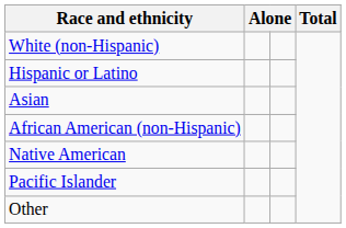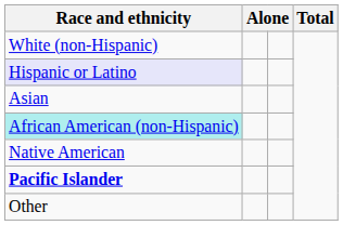 <table class="wikitable sortable collapsible"; text-align:right; font-size:80%;">
 <tr>
 <th>Race and ethnicity</th>
 <th colspan="2" data-sort-type=number>Alone</th>
 <th colspan="2" data-sort-type=number>Total</th>
 </tr>
 <tr>
 <td><a href='#'>White (non-Hispanic)</a></td>
 <td align=right></td>
 <td align=right></td>
 </tr>
 <tr>
-<td><a href='#'>Hispanic or Latino</a></td>
+<td style="background: lavender;"><a href='#'>Hispanic or Latino</a></td>
 <td align=right></td>
 <td align=right></td>
 </tr>
 <tr>
 <td><a href='#'>Asian</a></td>
 <td align=right></td>
 <td align=right></td>
 </tr>
 <tr>
-<td><a href='#'>African American (non-Hispanic)</a></td>
+<td style="background: paleturquoise;"><a href='#'>African American (non-Hispanic)</a></td>
 <td align=right></td>
 <td align=right></td>
 </tr>
 <tr>
 <td><a href='#'>Native American</a></td>
 <td align=right></td>
 <td align=right></td>
 </tr>
 <tr>
-<td><a href='#'>Pacific Islander</a></td>
+<td><strong><a href='#'>Pacific Islander</a></strong></td>
 <td align=right></td>
 <td align=right></td>
 </tr>
 <tr>
 <td>Other</td>
 <td align=right></td>
 <td align=right></td>
 </tr>
 </table>
